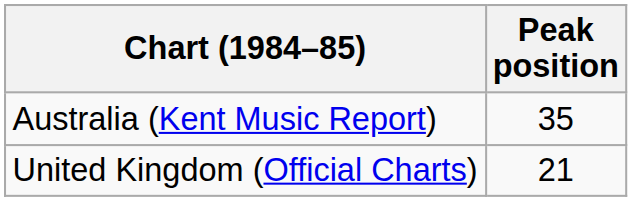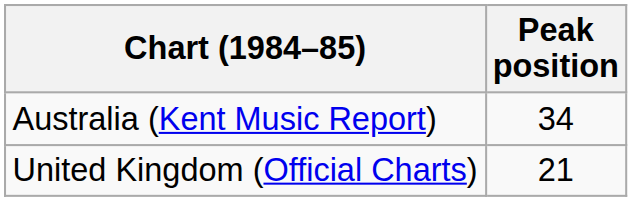 <table class="wikitable">
 <tr>
 <th scope="col">Chart (1984–85)</th>
 <th>Peak<br>position</th>
 </tr>
 <tr>
 <td>Australia (<a href='#'>Kent Music Report</a>)</td>
-<td style="text-align:center;">35</td>
+<td style="text-align:center;">34</td>
 </tr>
 <tr>
 <td>United Kingdom (<a href='#'>Official Charts</a>)</td>
 <td style="text-align:center;">21</td>
 </tr>
 </table>
